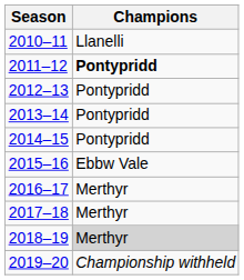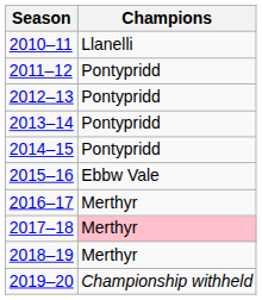 <table class="wikitable">
 <tr>
 <th>Season</th>
 <th>Champions</th>
 </tr>
 <tr>
 <td><a href='#'>2010–11</a></td>
 <td>Llanelli</td>
 </tr>
 <tr>
 <td><a href='#'>2011–12</a></td>
-<td><strong>Pontypridd</strong></td>
+<td>Pontypridd</td>
 </tr>
 <tr>
 <td><a href='#'>2012–13</a></td>
 <td>Pontypridd</td>
 </tr>
 <tr>
 <td><a href='#'>2013–14</a></td>
 <td>Pontypridd</td>
 </tr>
 <tr>
 <td><a href='#'>2014–15</a></td>
 <td>Pontypridd</td>
 </tr>
 <tr>
 <td><a href='#'>2015–16</a></td>
 <td>Ebbw Vale</td>
 </tr>
 <tr>
 <td><a href='#'>2016–17</a></td>
 <td>Merthyr</td>
 </tr>
 <tr>
 <td><a href='#'>2017–18</a></td>
-<td>Merthyr</td>
+<td style="background: pink;">Merthyr</td>
 </tr>
 <tr>
 <td><a href='#'>2018–19</a></td>
-<td style="background: lightgrey;">Merthyr</td>
+<td>Merthyr</td>
 </tr>
 <tr>
 <td><a href='#'>2019–20</a></td>
 <td><em>Championship withheld</em></td>
 </tr>
 </table>
